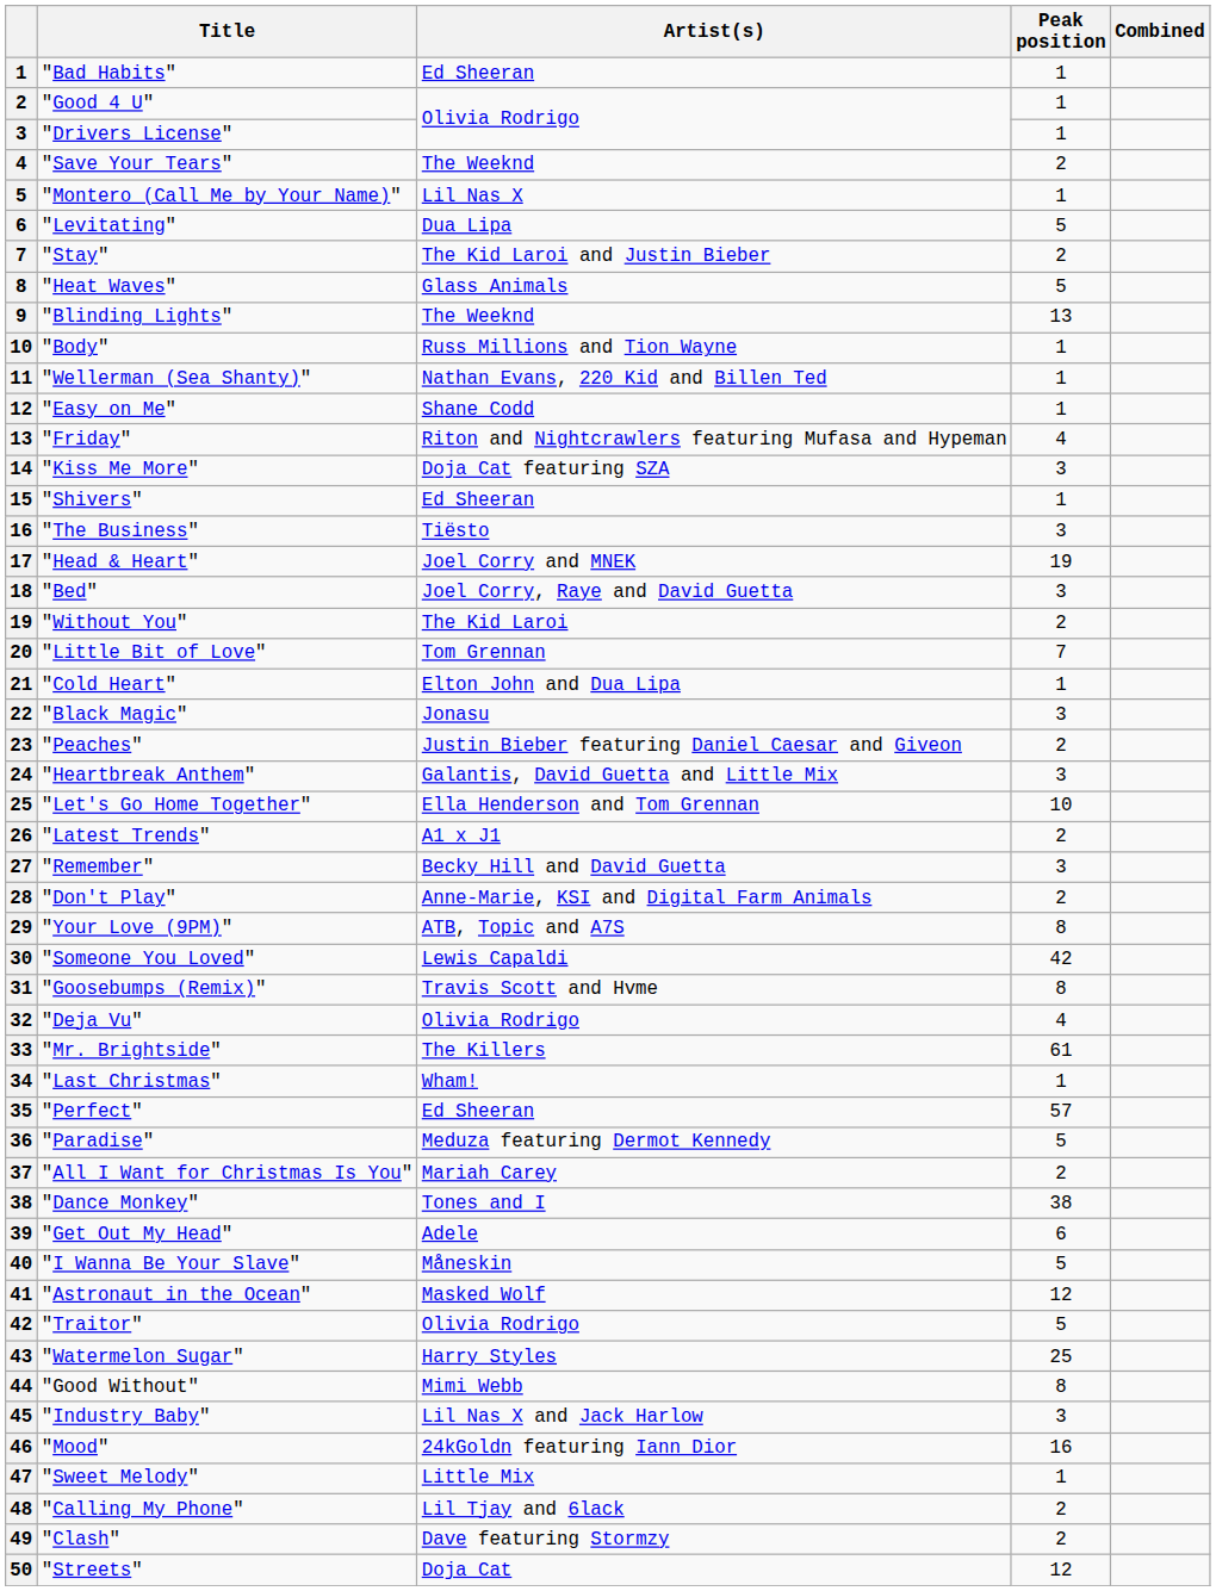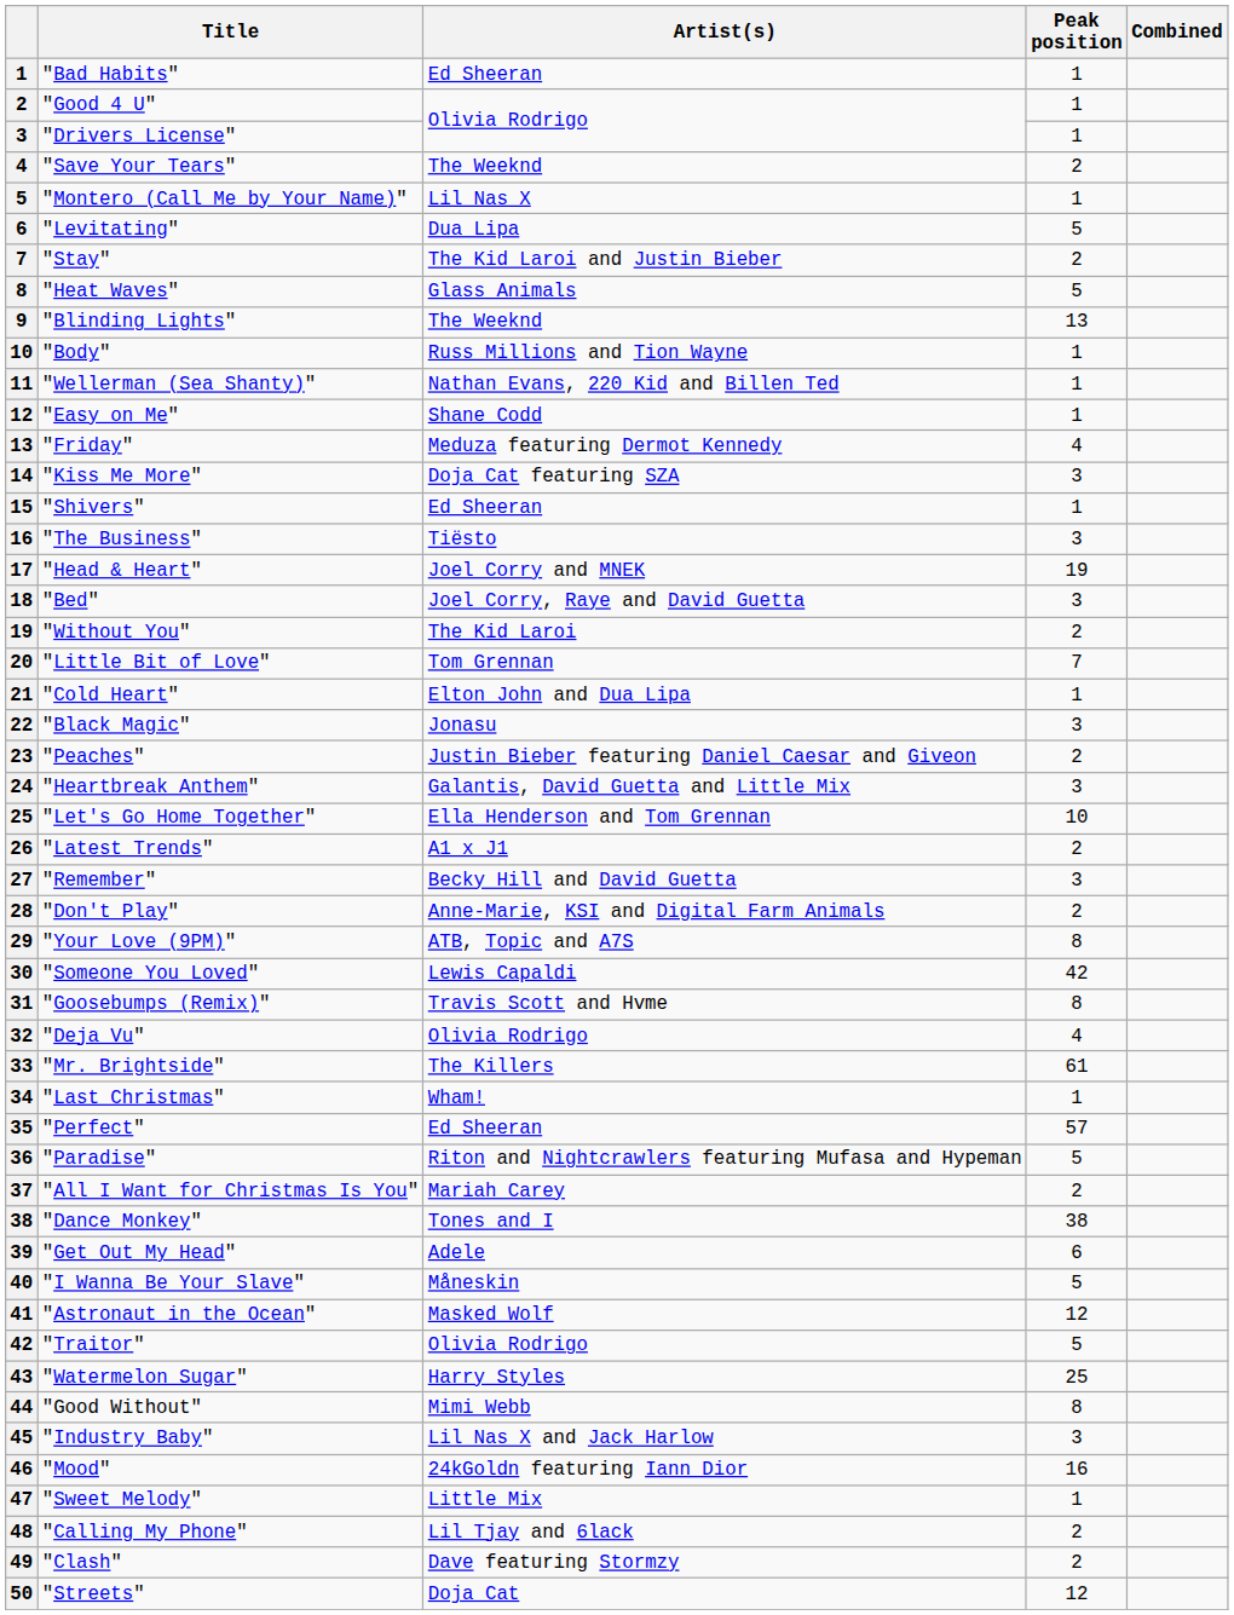 <table class="wikitable plainrowheaders sortable">
 <tr>
 <th scope=col></th>
 <th scope=col>Title</th>
 <th scope=col>Artist(s)</th>
 <th scope=col>Peak<br>position</th>
 <th scope=col>Combined</th>
 </tr>
 <tr>
 <th scope=row style="text-align:center;">1</th>
 <td>"<a href='#'>Bad Habits</a>"</td>
 <td><a href='#'>Ed Sheeran</a></td>
 <td align="center">1</td>
 <td align="right"></td>
 </tr>
 <tr>
 <th scope=row style="text-align:center;">2</th>
 <td>"<a href='#'>Good 4 U</a>"</td>
 <td rowspan="2"><a href='#'>Olivia Rodrigo</a></td>
 <td align="center">1</td>
 <td align="right"></td>
 </tr>
 <tr>
 <th scope=row style="text-align:center;">3</th>
 <td>"<a href='#'>Drivers License</a>"</td>
 <td align="center">1</td>
 <td align="right"></td>
 </tr>
 <tr>
 <th scope=row style="text-align:center;">4</th>
 <td>"<a href='#'>Save Your Tears</a>"</td>
 <td><a href='#'>The Weeknd</a></td>
 <td align="center">2</td>
 <td align="right"></td>
 </tr>
 <tr>
 <th scope=row style="text-align:center;">5</th>
 <td>"<a href='#'>Montero (Call Me by Your Name)</a>"</td>
 <td><a href='#'>Lil Nas X</a></td>
 <td align="center">1</td>
 <td align="right"></td>
 </tr>
 <tr>
 <th scope=row style="text-align:center;">6</th>
 <td>"<a href='#'>Levitating</a>"</td>
 <td><a href='#'>Dua Lipa</a></td>
 <td align="center">5</td>
 <td align="right"></td>
 </tr>
 <tr>
 <th scope=row style="text-align:center;">7</th>
 <td>"<a href='#'>Stay</a>"</td>
 <td><a href='#'>The Kid Laroi</a> and <a href='#'>Justin Bieber</a></td>
 <td align="center">2</td>
 <td align="right"></td>
 </tr>
 <tr>
 <th scope=row style="text-align:center;">8</th>
 <td>"<a href='#'>Heat Waves</a>"</td>
 <td><a href='#'>Glass Animals</a></td>
 <td align="center">5</td>
 <td align="right"></td>
 </tr>
 <tr>
 <th scope=row style="text-align:center;">9</th>
 <td>"<a href='#'>Blinding Lights</a>"</td>
 <td><a href='#'>The Weeknd</a></td>
 <td align="center">13 </td>
 <td align="right"></td>
 </tr>
 <tr>
 <th scope=row style="text-align:center;">10</th>
 <td>"<a href='#'>Body</a>"</td>
 <td><a href='#'>Russ Millions</a> and <a href='#'>Tion Wayne</a></td>
 <td align="center">1</td>
 <td align="right"></td>
 </tr>
 <tr>
 <th scope=row style="text-align:center;">11</th>
 <td>"<a href='#'>Wellerman (Sea Shanty)</a>"</td>
 <td><a href='#'>Nathan Evans</a>, <a href='#'>220 Kid</a> and <a href='#'>Billen Ted</a></td>
 <td align="center">1</td>
 <td align="right"></td>
 </tr>
 <tr>
 <th scope=row style="text-align:center;">12</th>
 <td>"<a href='#'>Easy on Me</a>"</td>
 <td><a href='#'>Shane Codd</a></td>
 <td align="center">1</td>
 <td align="right"></td>
 </tr>
 <tr>
 <th scope=row style="text-align:center;">13</th>
 <td>"<a href='#'>Friday</a>"</td>
-<td><a href='#'>Riton</a> and <a href='#'>Nightcrawlers</a> featuring Mufasa and Hypeman</td>
+<td><a href='#'>Meduza</a> featuring <a href='#'>Dermot Kennedy</a></td>
 <td align="center">4</td>
 <td align="right"></td>
 </tr>
 <tr>
 <th scope=row style="text-align:center;">14</th>
 <td>"<a href='#'>Kiss Me More</a>"</td>
 <td><a href='#'>Doja Cat</a> featuring <a href='#'>SZA</a></td>
 <td align="center">3</td>
 <td align="right"></td>
 </tr>
 <tr>
 <th scope=row style="text-align:center;">15</th>
 <td>"<a href='#'>Shivers</a>"</td>
 <td><a href='#'>Ed Sheeran</a></td>
 <td align="center">1</td>
 <td align="right"></td>
 </tr>
 <tr>
 <th scope=row style="text-align:center;">16</th>
 <td>"<a href='#'>The Business</a>"</td>
 <td><a href='#'>Tiësto</a></td>
 <td align="center">3</td>
 <td align="right"></td>
 </tr>
 <tr>
 <th scope=row style="text-align:center;">17</th>
 <td>"<a href='#'>Head & Heart</a>"</td>
 <td><a href='#'>Joel Corry</a> and <a href='#'>MNEK</a></td>
 <td align="center">19 </td>
 <td align="right"></td>
 </tr>
 <tr>
 <th scope=row style="text-align:center;">18</th>
 <td>"<a href='#'>Bed</a>"</td>
 <td><a href='#'>Joel Corry</a>, <a href='#'>Raye</a> and <a href='#'>David Guetta</a></td>
 <td align="center">3</td>
 <td align="right"></td>
 </tr>
 <tr>
 <th scope=row style="text-align:center;">19</th>
 <td>"<a href='#'>Without You</a>"</td>
 <td><a href='#'>The Kid Laroi</a></td>
 <td align="center">2</td>
 <td align="right"></td>
 </tr>
 <tr>
 <th scope=row style="text-align:center;">20</th>
 <td>"<a href='#'>Little Bit of Love</a>"</td>
 <td><a href='#'>Tom Grennan</a></td>
 <td align="center">7</td>
 <td align="right"></td>
 </tr>
 <tr>
 <th scope=row style="text-align:center;">21</th>
 <td>"<a href='#'>Cold Heart</a>"</td>
 <td><a href='#'>Elton John</a> and <a href='#'>Dua Lipa</a></td>
 <td align="center">1</td>
 <td align="right"></td>
 </tr>
 <tr>
 <th scope=row style="text-align:center;">22</th>
 <td>"<a href='#'>Black Magic</a>"</td>
 <td><a href='#'>Jonasu</a></td>
 <td align="center">3</td>
 <td align="right"></td>
 </tr>
 <tr>
 <th scope=row style="text-align:center;">23</th>
 <td>"<a href='#'>Peaches</a>"</td>
 <td><a href='#'>Justin Bieber</a> featuring <a href='#'>Daniel Caesar</a> and <a href='#'>Giveon</a></td>
 <td align="center">2</td>
 <td align="right"></td>
 </tr>
 <tr>
 <th scope=row style="text-align:center;">24</th>
 <td>"<a href='#'>Heartbreak Anthem</a>"</td>
 <td><a href='#'>Galantis</a>, <a href='#'>David Guetta</a> and <a href='#'>Little Mix</a></td>
 <td align="center">3</td>
 <td align="right"></td>
 </tr>
 <tr>
 <th scope=row style="text-align:center;">25</th>
 <td>"<a href='#'>Let's Go Home Together</a>"</td>
 <td><a href='#'>Ella Henderson</a> and <a href='#'>Tom Grennan</a></td>
 <td align="center">10</td>
 <td align="right"></td>
 </tr>
 <tr>
 <th scope=row style="text-align:center;">26</th>
 <td>"<a href='#'>Latest Trends</a>"</td>
 <td><a href='#'>A1 x J1</a></td>
 <td align="center">2</td>
 <td align="right"></td>
 </tr>
 <tr>
 <th scope=row style="text-align:center;">27</th>
 <td>"<a href='#'>Remember</a>"</td>
 <td><a href='#'>Becky Hill</a> and <a href='#'>David Guetta</a></td>
 <td align="center">3</td>
 <td align="right"></td>
 </tr>
 <tr>
 <th scope=row style="text-align:center;">28</th>
 <td>"<a href='#'>Don't Play</a>"</td>
 <td><a href='#'>Anne-Marie</a>, <a href='#'>KSI</a> and <a href='#'>Digital Farm Animals</a></td>
 <td align="center">2</td>
 <td align="right"></td>
 </tr>
 <tr>
 <th scope=row style="text-align:center;">29</th>
 <td>"<a href='#'>Your Love (9PM)</a>"</td>
 <td><a href='#'>ATB</a>, <a href='#'>Topic</a> and <a href='#'>A7S</a></td>
 <td align="center">8</td>
 <td align="right"></td>
 </tr>
 <tr>
 <th scope=row style="text-align:center;">30</th>
 <td>"<a href='#'>Someone You Loved</a>"</td>
 <td><a href='#'>Lewis Capaldi</a></td>
 <td align="center">42 </td>
 <td align="right"></td>
 </tr>
 <tr>
 <th scope=row style="text-align:center;">31</th>
 <td>"<a href='#'>Goosebumps (Remix)</a>"</td>
 <td><a href='#'>Travis Scott</a> and Hvme</td>
 <td align="center">8</td>
 <td align="right"></td>
 </tr>
 <tr>
 <th scope=row style="text-align:center;">32</th>
 <td>"<a href='#'>Deja Vu</a>"</td>
 <td><a href='#'>Olivia Rodrigo</a></td>
 <td align="center">4</td>
 <td align="right"></td>
 </tr>
 <tr>
 <th scope=row style="text-align:center;">33</th>
 <td>"<a href='#'>Mr. Brightside</a>"</td>
 <td><a href='#'>The Killers</a></td>
 <td align="center">61 </td>
 <td align="right"></td>
 </tr>
 <tr>
 <th scope=row style="text-align:center;">34</th>
 <td>"<a href='#'>Last Christmas</a>"</td>
 <td><a href='#'>Wham!</a></td>
 <td align="center">1</td>
 <td align="right"></td>
 </tr>
 <tr>
 <th scope=row style="text-align:center;">35</th>
 <td>"<a href='#'>Perfect</a>"</td>
 <td><a href='#'>Ed Sheeran</a></td>
 <td align="center">57 </td>
 <td align="right"></td>
 </tr>
 <tr>
 <th scope=row style="text-align:center;">36</th>
 <td>"<a href='#'>Paradise</a>"</td>
-<td><a href='#'>Meduza</a> featuring <a href='#'>Dermot Kennedy</a></td>
+<td><a href='#'>Riton</a> and <a href='#'>Nightcrawlers</a> featuring Mufasa and Hypeman</td>
 <td align="center">5</td>
 <td align="right"></td>
 </tr>
 <tr>
 <th scope=row style="text-align:center;">37</th>
 <td>"<a href='#'>All I Want for Christmas Is You</a>"</td>
 <td><a href='#'>Mariah Carey</a></td>
 <td align="center">2 </td>
 <td align="right"></td>
 </tr>
 <tr>
 <th scope=row style="text-align:center;">38</th>
 <td>"<a href='#'>Dance Monkey</a>"</td>
 <td><a href='#'>Tones and I</a></td>
 <td align="center">38 </td>
 <td align="right"></td>
 </tr>
 <tr>
 <th scope=row style="text-align:center;">39</th>
 <td>"<a href='#'>Get Out My Head</a>"</td>
 <td><a href='#'>Adele</a></td>
 <td align="center">6</td>
 <td align="right"></td>
 </tr>
 <tr>
 <th scope=row style="text-align:center;">40</th>
 <td>"<a href='#'>I Wanna Be Your Slave</a>"</td>
 <td><a href='#'>Måneskin</a></td>
 <td align="center">5</td>
 <td align="right"></td>
 </tr>
 <tr>
 <th scope=row style="text-align:center;">41</th>
 <td>"<a href='#'>Astronaut in the Ocean</a>"</td>
 <td><a href='#'>Masked Wolf</a></td>
 <td align="center">12</td>
 <td align="right"></td>
 </tr>
 <tr>
 <th scope=row style="text-align:center;">42</th>
 <td>"<a href='#'>Traitor</a>"</td>
 <td><a href='#'>Olivia Rodrigo</a></td>
 <td align="center">5</td>
 <td align="right"></td>
 </tr>
 <tr>
 <th scope=row style="text-align:center;">43</th>
 <td>"<a href='#'>Watermelon Sugar</a>"</td>
 <td><a href='#'>Harry Styles</a></td>
 <td align="center">25 </td>
 <td align="right"></td>
 </tr>
 <tr>
 <th scope=row style="text-align:center;">44</th>
 <td>"Good Without"</td>
 <td><a href='#'>Mimi Webb</a></td>
 <td align="center">8</td>
 <td align="right"></td>
 </tr>
 <tr>
 <th scope=row style="text-align:center;">45</th>
 <td>"<a href='#'>Industry Baby</a>"</td>
 <td><a href='#'>Lil Nas X</a> and <a href='#'>Jack Harlow</a></td>
 <td align="center">3</td>
 <td align="right"></td>
 </tr>
 <tr>
 <th scope=row style="text-align:center;">46</th>
 <td>"<a href='#'>Mood</a>"</td>
 <td><a href='#'>24kGoldn</a> featuring <a href='#'>Iann Dior</a></td>
 <td align="center">16 </td>
 <td align="right"></td>
 </tr>
 <tr>
 <th scope=row style="text-align:center;">47</th>
 <td>"<a href='#'>Sweet Melody</a>"</td>
 <td><a href='#'>Little Mix</a></td>
 <td align="center">1</td>
 <td align="right"></td>
 </tr>
 <tr>
 <th scope=row style="text-align:center;">48</th>
 <td>"<a href='#'>Calling My Phone</a>"</td>
 <td><a href='#'>Lil Tjay</a> and <a href='#'>6lack</a></td>
 <td align="center">2</td>
 <td align="right"></td>
 </tr>
 <tr>
 <th scope=row style="text-align:center;">49</th>
 <td>"<a href='#'>Clash</a>"</td>
 <td><a href='#'>Dave</a> featuring <a href='#'>Stormzy</a></td>
 <td align="center">2</td>
 <td align="right"></td>
 </tr>
 <tr>
 <th scope=row style="text-align:center;">50</th>
 <td>"<a href='#'>Streets</a>"</td>
 <td><a href='#'>Doja Cat</a></td>
 <td align="center">12</td>
 <td align="right"></td>
 </tr>
 </table>
